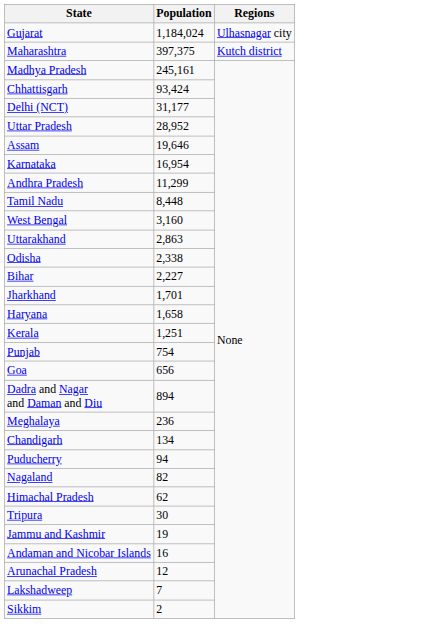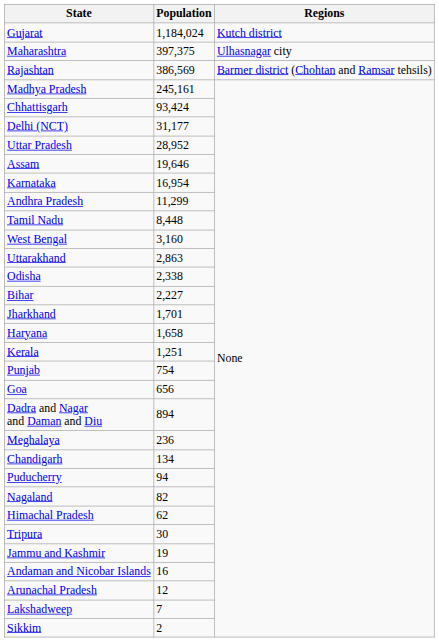 <table class="wikitable sortable mw-collapsible">
 <tr>
 <th>State</th>
 <th>Population</th>
 <th>Regions</th>
 </tr>
 <tr>
 <td><a href='#'>Gujarat</a></td>
 <td>1,184,024</td>
-<td><a href='#'>Ulhasnagar</a> city</td>
+<td><a href='#'>Kutch district</a></td>
 </tr>
 <tr>
 <td><a href='#'>Maharashtra</a></td>
 <td>397,375</td>
-<td><a href='#'>Kutch district</a></td>
+<td><a href='#'>Ulhasnagar</a> city</td>
+</tr>
+<tr>
+<td><a href='#'>Rajashtan</a></td>
+<td>386,569</td>
+<td><a href='#'>Barmer district</a> (<a href='#'>Chohtan</a> and <a href='#'>Ramsar</a> tehsils)</td>
 </tr>
 <tr>
 <td><a href='#'>Madhya Pradesh</a></td>
 <td>245,161</td>
 <td rowspan=29>None</td>
 </tr>
 <tr>
 <td><a href='#'>Chhattisgarh</a></td>
 <td>93,424</td>
 </tr>
 <tr>
 <td><a href='#'>Delhi (NCT)</a></td>
 <td>31,177</td>
 </tr>
 <tr>
 <td><a href='#'>Uttar Pradesh</a></td>
 <td>28,952</td>
 </tr>
 <tr>
 <td><a href='#'>Assam</a></td>
 <td>19,646</td>
 </tr>
 <tr>
 <td><a href='#'>Karnataka</a></td>
 <td>16,954</td>
 </tr>
 <tr>
 <td><a href='#'>Andhra Pradesh</a></td>
 <td>11,299</td>
 </tr>
 <tr>
 <td><a href='#'>Tamil Nadu</a></td>
 <td>8,448</td>
 </tr>
 <tr>
 <td><a href='#'>West Bengal</a></td>
 <td>3,160</td>
 </tr>
 <tr>
 <td><a href='#'>Uttarakhand</a></td>
 <td>2,863</td>
 </tr>
 <tr>
 <td><a href='#'>Odisha</a></td>
 <td>2,338</td>
 </tr>
 <tr>
 <td><a href='#'>Bihar</a></td>
 <td>2,227</td>
 </tr>
 <tr>
 <td><a href='#'>Jharkhand</a></td>
 <td>1,701</td>
 </tr>
 <tr>
 <td><a href='#'>Haryana</a></td>
 <td>1,658</td>
 </tr>
 <tr>
 <td><a href='#'>Kerala</a></td>
 <td>1,251</td>
 </tr>
 <tr>
 <td><a href='#'>Punjab</a></td>
 <td>754</td>
 </tr>
 <tr>
 <td><a href='#'>Goa</a></td>
 <td>656</td>
 </tr>
 <tr>
 <td><a href='#'>Dadra</a> and <a href='#'>Nagar</a><br>and <a href='#'>Daman</a> and <a href='#'>Diu</a></td>
 <td>894</td>
 </tr>
 <tr>
 <td><a href='#'>Meghalaya</a></td>
 <td>236</td>
 </tr>
 <tr>
 <td><a href='#'>Chandigarh</a></td>
 <td>134</td>
 </tr>
 <tr>
 <td><a href='#'>Puducherry</a></td>
 <td>94</td>
 </tr>
 <tr>
 <td><a href='#'>Nagaland</a></td>
 <td>82</td>
 </tr>
 <tr>
 <td><a href='#'>Himachal Pradesh</a></td>
 <td>62</td>
 </tr>
 <tr>
 <td><a href='#'>Tripura</a></td>
 <td>30</td>
 </tr>
 <tr>
 <td><a href='#'>Jammu and Kashmir</a></td>
 <td>19</td>
 </tr>
 <tr>
 <td><a href='#'>Andaman and Nicobar Islands</a></td>
 <td>16</td>
 </tr>
 <tr>
 <td><a href='#'>Arunachal Pradesh</a></td>
 <td>12</td>
 </tr>
 <tr>
 <td><a href='#'>Lakshadweep</a></td>
 <td>7</td>
 </tr>
 <tr>
 <td><a href='#'>Sikkim</a></td>
 <td>2</td>
 </tr>
 </table>
